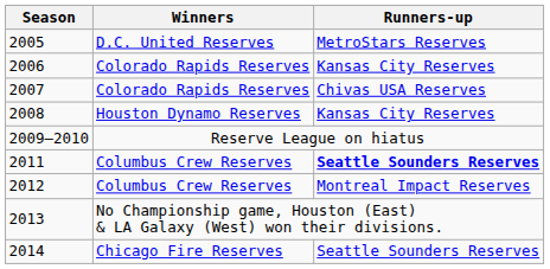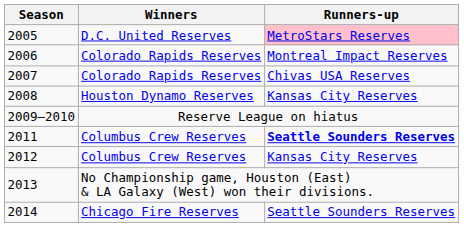 <table class="wikitable">
 <tr>
 <th>Season</th>
 <th>Winners</th>
 <th>Runners-up</th>
 </tr>
 <tr>
 <td>2005</td>
 <td><a href='#'>D.C. United Reserves</a></td>
-<td><a href='#'>MetroStars Reserves</a></td>
+<td style="background: pink;"><a href='#'>MetroStars Reserves</a></td>
 </tr>
 <tr>
 <td>2006</td>
 <td><a href='#'>Colorado Rapids Reserves</a></td>
-<td><a href='#'>Kansas City Reserves</a></td>
+<td><a href='#'>Montreal Impact Reserves</a></td>
 </tr>
 <tr>
 <td>2007</td>
 <td><a href='#'>Colorado Rapids Reserves</a></td>
 <td><a href='#'>Chivas USA Reserves</a></td>
 </tr>
 <tr>
 <td>2008</td>
 <td><a href='#'>Houston Dynamo Reserves</a></td>
 <td><a href='#'>Kansas City Reserves</a></td>
 </tr>
 <tr>
 <td>2009–2010</td>
 <td colspan=2 style="text-align:center;">Reserve League on hiatus</td>
 </tr>
 <tr>
 <td>2011</td>
 <td><a href='#'>Columbus Crew Reserves</a></td>
 <td><strong><a href='#'>Seattle Sounders Reserves</a></strong></td>
 </tr>
 <tr>
 <td>2012</td>
 <td><a href='#'>Columbus Crew Reserves</a></td>
-<td><a href='#'>Montreal Impact Reserves</a></td>
+<td><a href='#'>Kansas City Reserves</a></td>
 </tr>
 <tr>
 <td>2013</td>
 <td colspan="2">No Championship game, Houston (East)<br>& LA Galaxy (West) won their divisions.</td>
 </tr>
 <tr>
 <td>2014</td>
 <td><a href='#'>Chicago Fire Reserves</a></td>
 <td><a href='#'>Seattle Sounders Reserves</a></td>
 </tr>
 </table>
